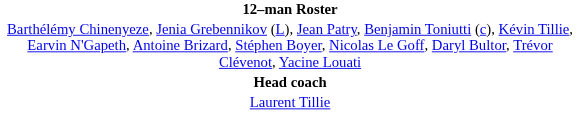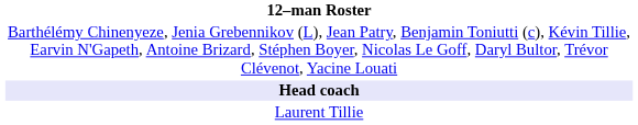 <table style="text-align:center; margin-top:2em; margin-left:auto; margin-right:auto">
 <tr>
 <td><strong>12–man Roster</strong></td>
 </tr>
 <tr>
 <td><a href='#'>Barthélémy Chinenyeze</a>, <a href='#'>Jenia Grebennikov</a> (<a href='#'>L</a>), <a href='#'>Jean Patry</a>, <a href='#'>Benjamin Toniutti</a> (<a href='#'>c</a>), <a href='#'>Kévin Tillie</a>, <a href='#'>Earvin N'Gapeth</a>, <a href='#'>Antoine Brizard</a>, <a href='#'>Stéphen Boyer</a>, <a href='#'>Nicolas Le Goff</a>, <a href='#'>Daryl Bultor</a>, <a href='#'>Trévor Clévenot</a>, <a href='#'>Yacine Louati</a></td>
 </tr>
 <tr>
-<td><strong>Head coach</strong></td>
+<td style="background: lavender;"><strong>Head coach</strong></td>
 </tr>
 <tr>
 <td><a href='#'>Laurent Tillie</a></td>
 </tr>
 </table>
